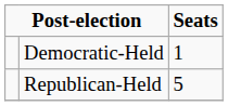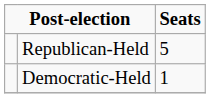 <table class= "wikitable">
 <tr>
 <td colspan= "2" rowspan= "1" align= "center" valign= "top"><strong>Post-election</strong></td>
 <td valign= "top"><strong>Seats</strong><br></td>
 </tr>
 <tr>
 <td style="background-color:"> </td>
+<td>Republican-Held</td>
+<td>5</td>
+</tr>
+<tr>
+<td style="background-color:"> </td>
 <td>Democratic-Held</td>
 <td>1</td>
 </tr>
 <tr>
-<td style="background-color:"> </td>
-<td>Republican-Held</td>
-<td>5</td>
-</tr>
-<tr>
 </tr>
 </table>
